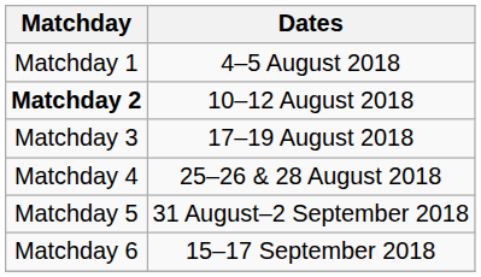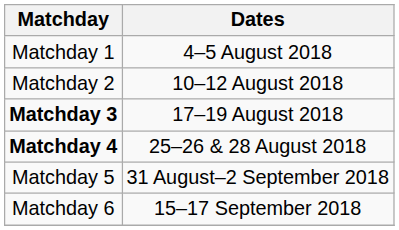 <table class="wikitable" style="text-align:center">
 <tr>
 <th>Matchday</th>
 <th>Dates</th>
 </tr>
 <tr>
 <td>Matchday 1</td>
 <td colspan=2>4–5 August 2018</td>
 </tr>
 <tr>
-<td><strong>Matchday 2</strong></td>
+<td>Matchday 2</td>
 <td colspan=2>10–12 August 2018</td>
 </tr>
 <tr>
-<td>Matchday 3</td>
+<td><strong>Matchday 3</strong></td>
 <td colspan=2>17–19 August 2018</td>
 </tr>
 <tr>
-<td>Matchday 4</td>
+<td><strong>Matchday 4</strong></td>
 <td colspan=2>25–26 & 28 August 2018</td>
 </tr>
 <tr>
 <td>Matchday 5</td>
 <td colspan=2>31 August–2 September 2018</td>
 </tr>
 <tr>
 <td>Matchday 6</td>
 <td colspan=2>15–17 September 2018</td>
 </tr>
 <tr>
 </tr>
 </table>
